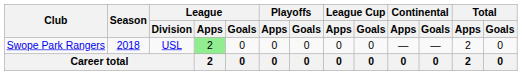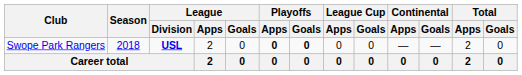 <table class="wikitable" style="text-align: center;">
 <tr>
 <th rowspan="2">Club</th>
 <th rowspan="2">Season</th>
 <th colspan="3">League</th>
 <th colspan="2">Playoffs</th>
 <th colspan="2">League Cup</th>
 <th colspan="2">Continental</th>
 <th colspan="2">Total</th>
 </tr>
 <tr>
 <th>Division</th>
 <th>Apps</th>
 <th>Goals</th>
 <th>Apps</th>
 <th>Goals</th>
 <th>Apps</th>
 <th>Goals</th>
 <th>Apps</th>
 <th>Goals</th>
 <th>Apps</th>
 <th>Goals</th>
 </tr>
 <tr>
 <td rowspan="1"><a href='#'>Swope Park Rangers</a></td>
 <td><a href='#'>2018</a></td>
-<td><a href='#'>USL</a></td>
-<td style="background: lightgreen;">2</td>
+<td><strong><a href='#'>USL</a></strong></td>
+<td>2</td>
 <td>0</td>
-<td>0</td>
-<td>0</td>
+<td><strong>0</strong></td>
+<td><strong>0</strong></td>
 <td>0</td>
 <td>0</td>
 <td>—</td>
 <td>—</td>
 <td>2</td>
 <td>0</td>
 </tr>
 <tr>
 <th colspan="3">Career total</th>
 <th>2</th>
 <th>0</th>
 <th>0</th>
 <th>0</th>
 <th>0</th>
 <th>0</th>
 <th>0</th>
 <th>0</th>
 <th>2</th>
 <th>0</th>
 </tr>
 </table>
